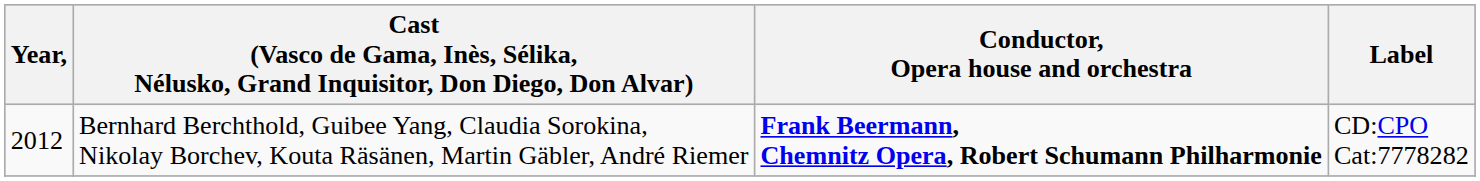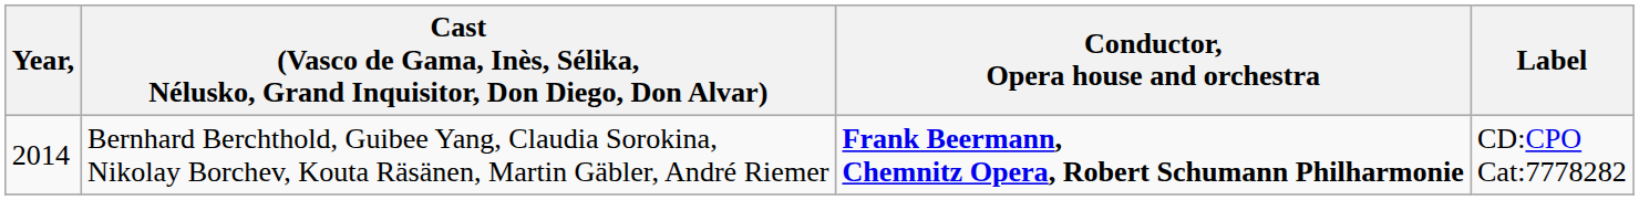 <table class="wikitable">
 <tr>
 <th>Year,</th>
 <th>Cast<br>(Vasco de Gama, Inès, Sélika,<br>Nélusko, Grand Inquisitor, Don Diego, Don Alvar)</th>
 <th>Conductor,<br>Opera house and orchestra</th>
 <th>Label</th>
 </tr>
 <tr>
-<td>2012</td>
+<td>2014</td>
 <td>Bernhard Berchthold, Guibee Yang, Claudia Sorokina,<br>Nikolay Borchev, Kouta Räsänen, Martin Gäbler, André Riemer</td>
 <td><strong><a href='#'>Frank Beermann</a>,<br> <a href='#'>Chemnitz Opera</a>, Robert Schumann Philharmonie</strong></td>
 <td>CD:<a href='#'>CPO</a><br>Cat:7778282</td>
 </tr>
 </table>
